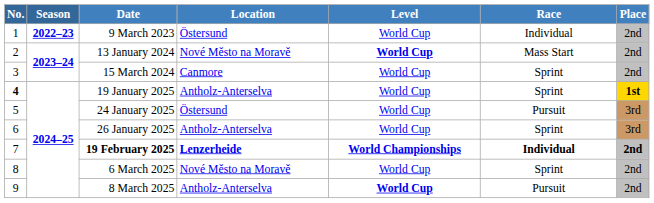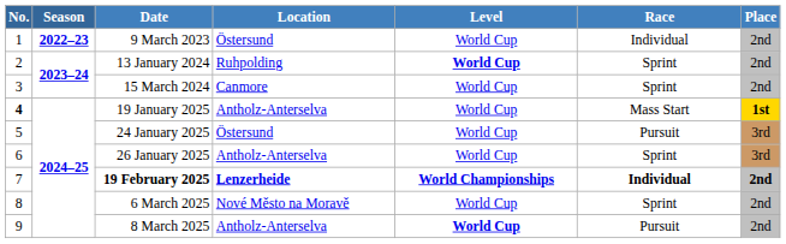 <table class="wikitable sortable" style="font-size:95%; text-align:center; border:grey solid 1px; border-collapse:collapse; background:#ffffff;">
 <tr style="background:#efefef;">
 <th style="background-color:#369; color:white;">No.</th>
 <th style="background-color:#369; color:white;">Season</th>
 <th style="background-color:#4180be; color:white; width:120px;">Date</th>
 <th style="background-color:#4180be; color:white; width:190px;">Location</th>
 <th style="background-color:#4180be; color:white; width:190px;">Level</th>
 <th style="background-color:#4180be; color:white; width:170px;">Race</th>
 <th style="background-color:#4180be; color:white;">Place</th>
 </tr>
 <tr>
 <td align=center>1</td>
 <td rowspan="1" align="center"><strong> <a href='#'>2022–23</a> </strong></td>
 <td align=right>9 March 2023</td>
 <td align=left> <a href='#'>Östersund</a></td>
 <td><a href='#'>World Cup</a></td>
 <td>Individual</td>
 <td bgcolor="silver">2nd</td>
 </tr>
 <tr>
 <td align=center>2</td>
 <td rowspan="2" align="center"><strong> <a href='#'>2023–24</a> </strong></td>
 <td align=right>13 January 2024</td>
-<td align=left> <a href='#'>Nové Město na Moravě</a></td>
+<td align=left> <a href='#'>Ruhpolding</a></td>
 <td><strong><a href='#'>World Cup</a></strong></td>
-<td>Mass Start</td>
+<td>Sprint</td>
 <td bgcolor="silver">2nd</td>
 </tr>
 <tr>
 <td align=center>3</td>
 <td align=right>15 March 2024</td>
 <td align=left> <a href='#'>Canmore</a></td>
 <td><a href='#'>World Cup</a></td>
 <td>Sprint</td>
 <td bgcolor="silver">2nd</td>
 </tr>
 <tr>
 <td align=center><strong>4</strong></td>
 <td rowspan="6" align="center"><strong> <a href='#'>2024–25</a> </strong></td>
 <td align=right>19 January 2025</td>
 <td align=left> <a href='#'>Antholz-Anterselva</a></td>
 <td><a href='#'>World Cup</a></td>
-<td>Sprint</td>
+<td>Mass Start</td>
 <td bgcolor="gold"><strong>1st</strong></td>
 </tr>
 <tr>
 <td align=center>5</td>
 <td align=right>24 January 2025</td>
 <td align=left> <a href='#'>Östersund</a></td>
 <td><a href='#'>World Cup</a></td>
 <td>Pursuit</td>
 <td bgcolor="cc9966">3rd</td>
 </tr>
 <tr>
 <td align=center>6</td>
 <td align=right>26 January 2025</td>
 <td align=left> <a href='#'>Antholz-Anterselva</a></td>
 <td><a href='#'>World Cup</a></td>
 <td>Sprint</td>
 <td bgcolor="cc9966">3rd</td>
 </tr>
 <tr>
 <td align=center>7</td>
 <td align=right><strong>19 February 2025</strong></td>
 <td align=left> <strong><a href='#'>Lenzerheide</a></strong></td>
 <td><strong><a href='#'>World Championships</a></strong></td>
 <td><strong>Individual</strong></td>
 <td bgcolor="silver"><strong>2nd</strong></td>
 </tr>
 <tr>
 <td align=center>8</td>
 <td align=right>6 March 2025</td>
 <td align=left> <a href='#'>Nové Město na Moravě</a></td>
 <td><a href='#'>World Cup</a></td>
 <td>Sprint</td>
 <td bgcolor="silver">2nd</td>
 </tr>
 <tr>
 <td align=center>9</td>
 <td align=right>8 March 2025</td>
 <td align=left> <a href='#'>Antholz-Anterselva</a></td>
 <td><strong><a href='#'>World Cup</a></strong></td>
 <td>Pursuit</td>
 <td bgcolor="silver">2nd</td>
 </tr>
 </table>
